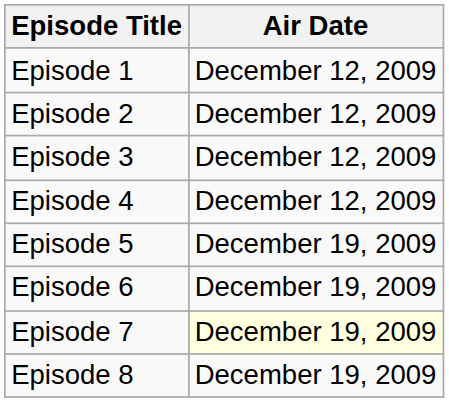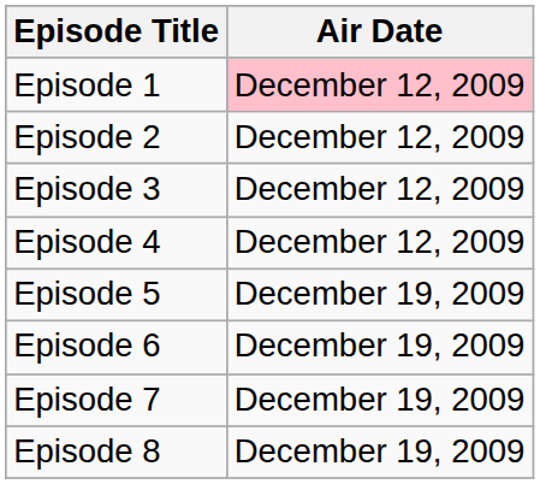 <table class="wikitable">
 <tr>
 <th>Episode Title</th>
 <th>Air Date</th>
 </tr>
 <tr>
 <td>Episode 1</td>
-<td>December 12, 2009</td>
+<td style="background: pink;">December 12, 2009</td>
 </tr>
 <tr>
 <td>Episode 2</td>
 <td>December 12, 2009</td>
 </tr>
 <tr>
 <td>Episode 3</td>
 <td>December 12, 2009</td>
 </tr>
 <tr>
 <td>Episode 4</td>
 <td>December 12, 2009</td>
 </tr>
 <tr>
 <td>Episode 5</td>
 <td>December 19, 2009</td>
 </tr>
 <tr>
 <td>Episode 6</td>
 <td>December 19, 2009</td>
 </tr>
 <tr>
 <td>Episode 7</td>
-<td style="background: lightyellow;">December 19, 2009</td>
+<td>December 19, 2009</td>
 </tr>
 <tr>
 <td>Episode 8</td>
 <td>December 19, 2009</td>
 </tr>
 </table>
